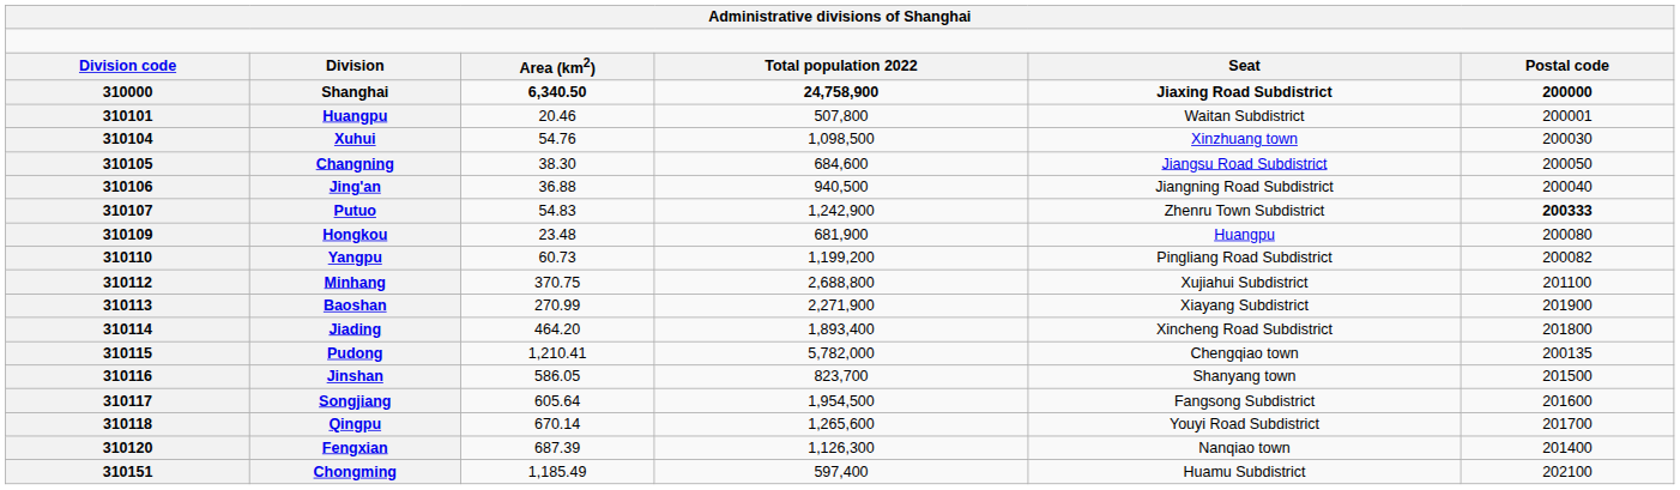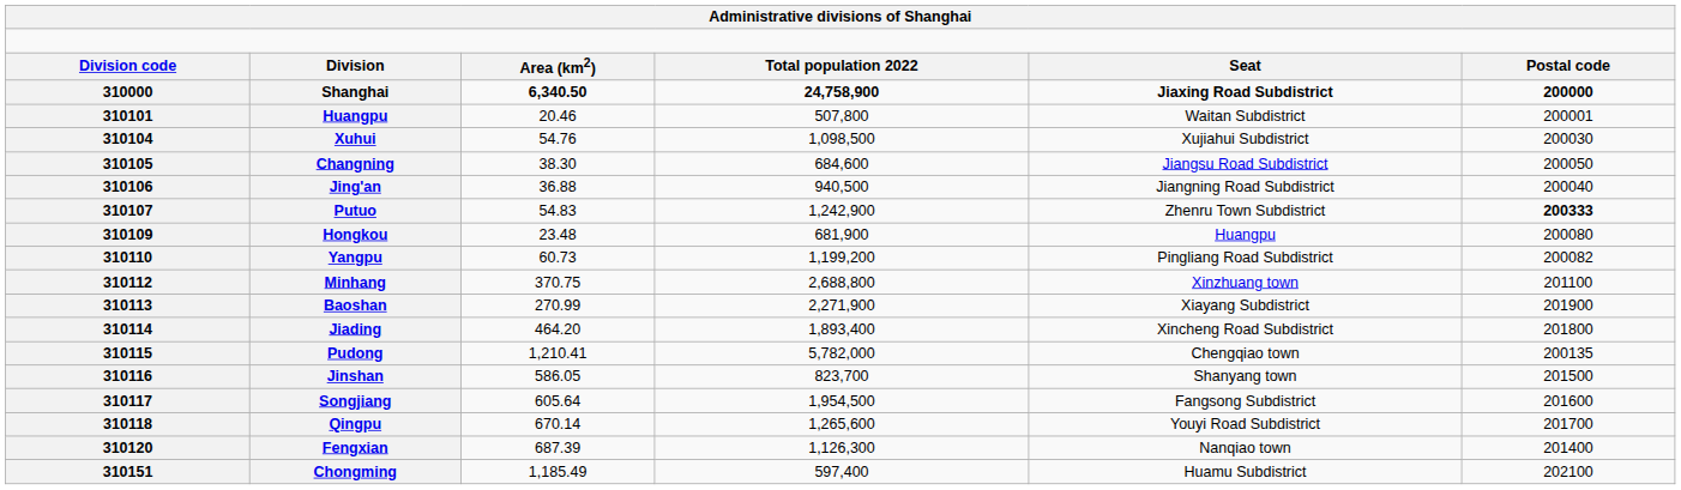 <table class="wikitable sortable collapsible" style="margin:1em auto 1em auto; width:90%; text-align:center;">
 <tr>
 <th colspan="8">Administrative divisions of Shanghai</th>
 </tr>
 <tr>
 <td colspan="8"><div><br>                   </div></td>
 </tr>
 <tr>
 <th ! scope="col"><a href='#'>Division code</a></th>
 <th ! scope="col">Division</th>
 <th ! scope="col">Area (km<sup>2</sup>)</th>
 <th ! scope="col">Total population 2022</th>
 <th ! scope="col">Seat</th>
 <th ! scope="col">Postal code</th>
 </tr>
 <tr style="font-weight: bold">
 <th>310000</th>
 <th>Shanghai</th>
 <td>6,340.50</td>
 <td>24,758,900</td>
 <td>Jiaxing Road Subdistrict</td>
 <td>200000</td>
 </tr>
 <tr>
 <th>310101</th>
 <th><a href='#'>Huangpu</a></th>
 <td>20.46</td>
 <td>507,800</td>
 <td>Waitan Subdistrict</td>
 <td>200001</td>
 </tr>
 <tr>
 <th>310104</th>
 <th><a href='#'>Xuhui</a></th>
 <td>54.76</td>
 <td>1,098,500</td>
-<td><a href='#'>Xinzhuang town</a></td>
+<td>Xujiahui Subdistrict</td>
 <td>200030</td>
 </tr>
 <tr>
 <th>310105</th>
 <th><a href='#'>Changning</a></th>
 <td>38.30</td>
 <td>684,600</td>
 <td><a href='#'>Jiangsu Road Subdistrict</a></td>
 <td>200050</td>
 </tr>
 <tr>
 <th>310106</th>
 <th><a href='#'>Jing'an</a></th>
 <td>36.88</td>
 <td>940,500</td>
 <td>Jiangning Road Subdistrict</td>
 <td>200040</td>
 </tr>
 <tr>
 <th>310107</th>
 <th><a href='#'>Putuo</a></th>
 <td>54.83</td>
 <td>1,242,900</td>
 <td>Zhenru Town Subdistrict</td>
 <td><strong>200333</strong></td>
 </tr>
 <tr>
 <th>310109</th>
 <th><a href='#'>Hongkou</a></th>
 <td>23.48</td>
 <td>681,900</td>
 <td><a href='#'>Huangpu</a></td>
 <td>200080</td>
 </tr>
 <tr>
 <th>310110</th>
 <th><a href='#'>Yangpu</a></th>
 <td>60.73</td>
 <td>1,199,200</td>
 <td>Pingliang Road Subdistrict</td>
 <td>200082</td>
 </tr>
 <tr>
 <th>310112</th>
 <th><a href='#'>Minhang</a></th>
 <td>370.75</td>
 <td>2,688,800</td>
-<td>Xujiahui Subdistrict</td>
+<td><a href='#'>Xinzhuang town</a></td>
 <td>201100</td>
 </tr>
 <tr>
 <th>310113</th>
 <th><a href='#'>Baoshan</a></th>
 <td>270.99</td>
 <td>2,271,900</td>
 <td>Xiayang Subdistrict</td>
 <td>201900</td>
 </tr>
 <tr>
 <th>310114</th>
 <th><a href='#'>Jiading</a></th>
 <td>464.20</td>
 <td>1,893,400</td>
 <td>Xincheng Road Subdistrict</td>
 <td>201800</td>
 </tr>
 <tr>
 <th>310115</th>
 <th><a href='#'>Pudong</a></th>
 <td>1,210.41</td>
 <td>5,782,000</td>
 <td>Chengqiao town</td>
 <td>200135</td>
 </tr>
 <tr>
 <th>310116</th>
 <th><a href='#'>Jinshan</a></th>
 <td>586.05</td>
 <td>823,700</td>
 <td>Shanyang town</td>
 <td>201500</td>
 </tr>
 <tr>
 <th>310117</th>
 <th><a href='#'>Songjiang</a></th>
 <td>605.64</td>
 <td>1,954,500</td>
 <td>Fangsong Subdistrict</td>
 <td>201600</td>
 </tr>
 <tr>
 <th>310118</th>
 <th><a href='#'>Qingpu</a></th>
 <td>670.14</td>
 <td>1,265,600</td>
 <td>Youyi Road Subdistrict</td>
 <td>201700</td>
 </tr>
 <tr>
 <th>310120</th>
 <th><a href='#'>Fengxian</a></th>
 <td>687.39</td>
 <td>1,126,300</td>
 <td>Nanqiao town</td>
 <td>201400</td>
 </tr>
 <tr>
 <th>310151</th>
 <th><a href='#'>Chongming</a></th>
 <td>1,185.49</td>
 <td>597,400</td>
 <td>Huamu Subdistrict</td>
 <td>202100</td>
 </tr>
 </table>
